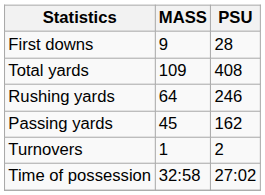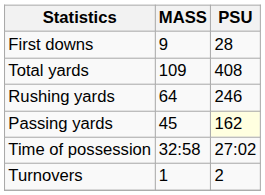 <table class="wikitable" style="float: left;">
 <tr>
 <th>Statistics</th>
 <th>MASS</th>
 <th>PSU</th>
 </tr>
 <tr>
 <td>First downs</td>
 <td>9</td>
 <td>28</td>
 </tr>
 <tr>
 <td>Total yards</td>
 <td>109</td>
 <td>408</td>
 </tr>
 <tr>
 <td>Rushing yards</td>
 <td>64</td>
 <td>246</td>
 </tr>
 <tr>
 <td>Passing yards</td>
 <td>45</td>
-<td>162</td>
+<td style="background: lightyellow;">162</td>
+</tr>
+<tr>
+<td>Time of possession</td>
+<td>32:58</td>
+<td>27:02</td>
 </tr>
 <tr>
 <td>Turnovers</td>
 <td>1</td>
 <td>2</td>
 </tr>
 <tr>
-<td>Time of possession</td>
-<td>32:58</td>
-<td>27:02</td>
-</tr>
-<tr>
 </tr>
 </table>
